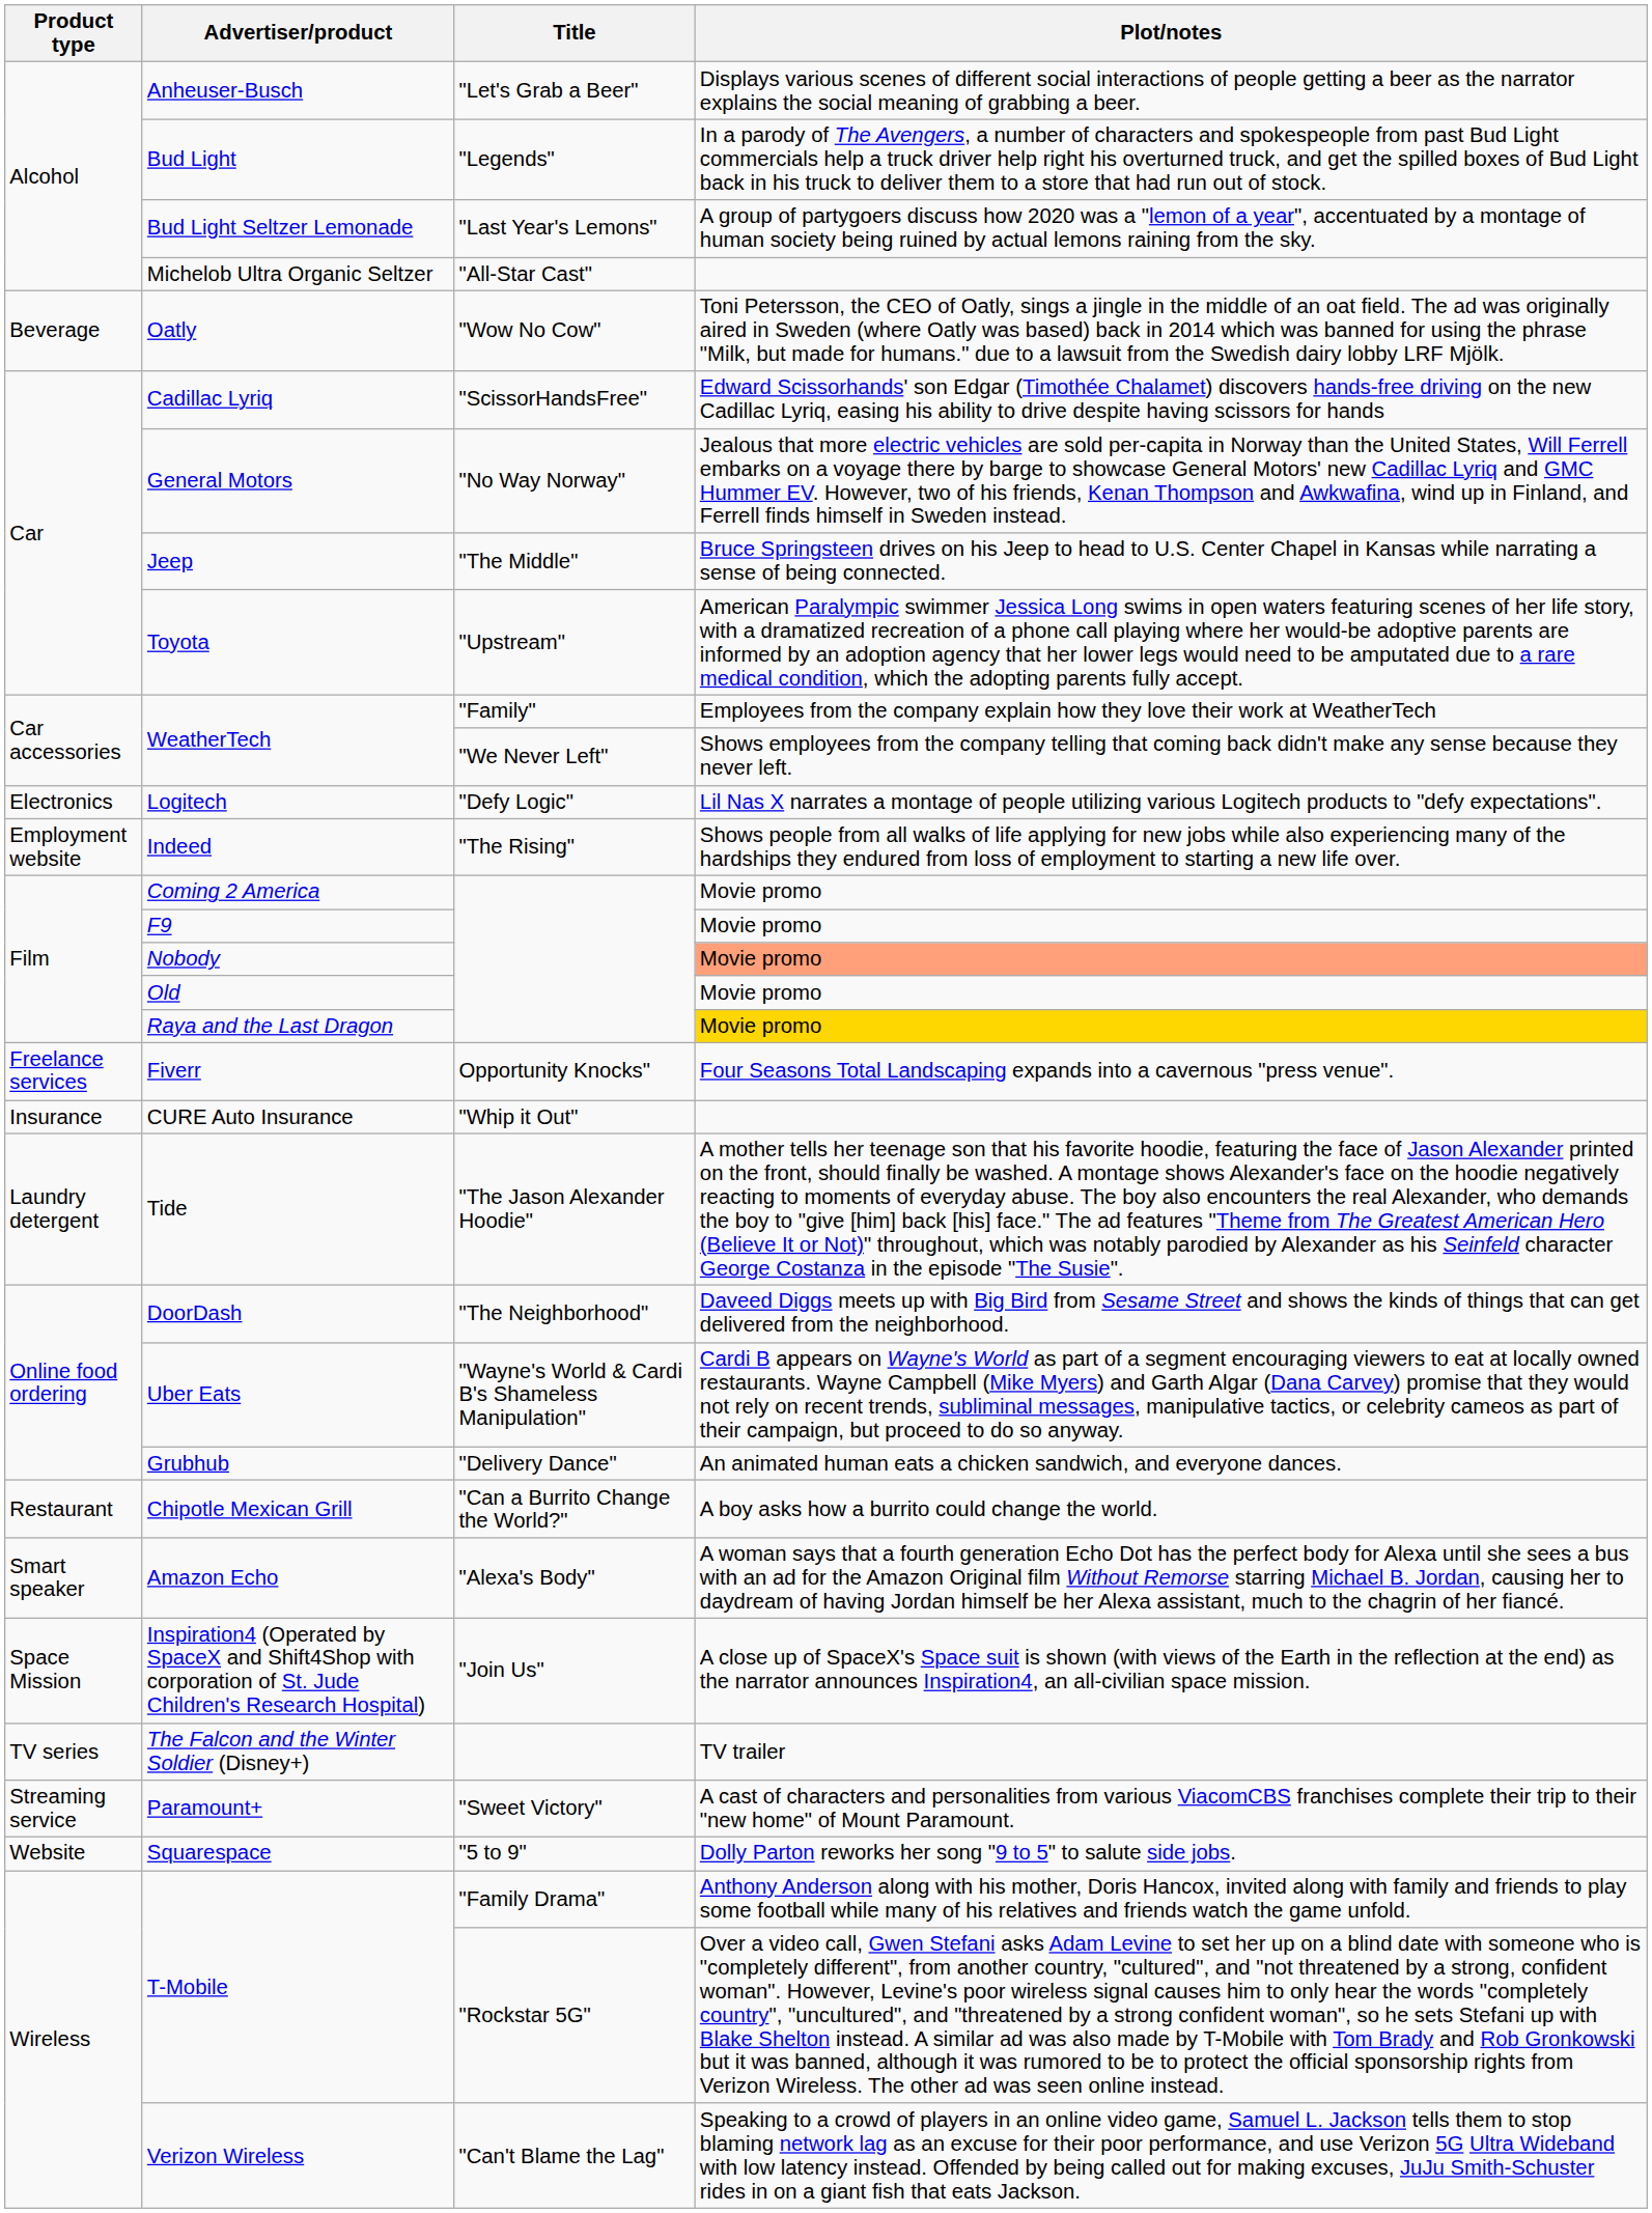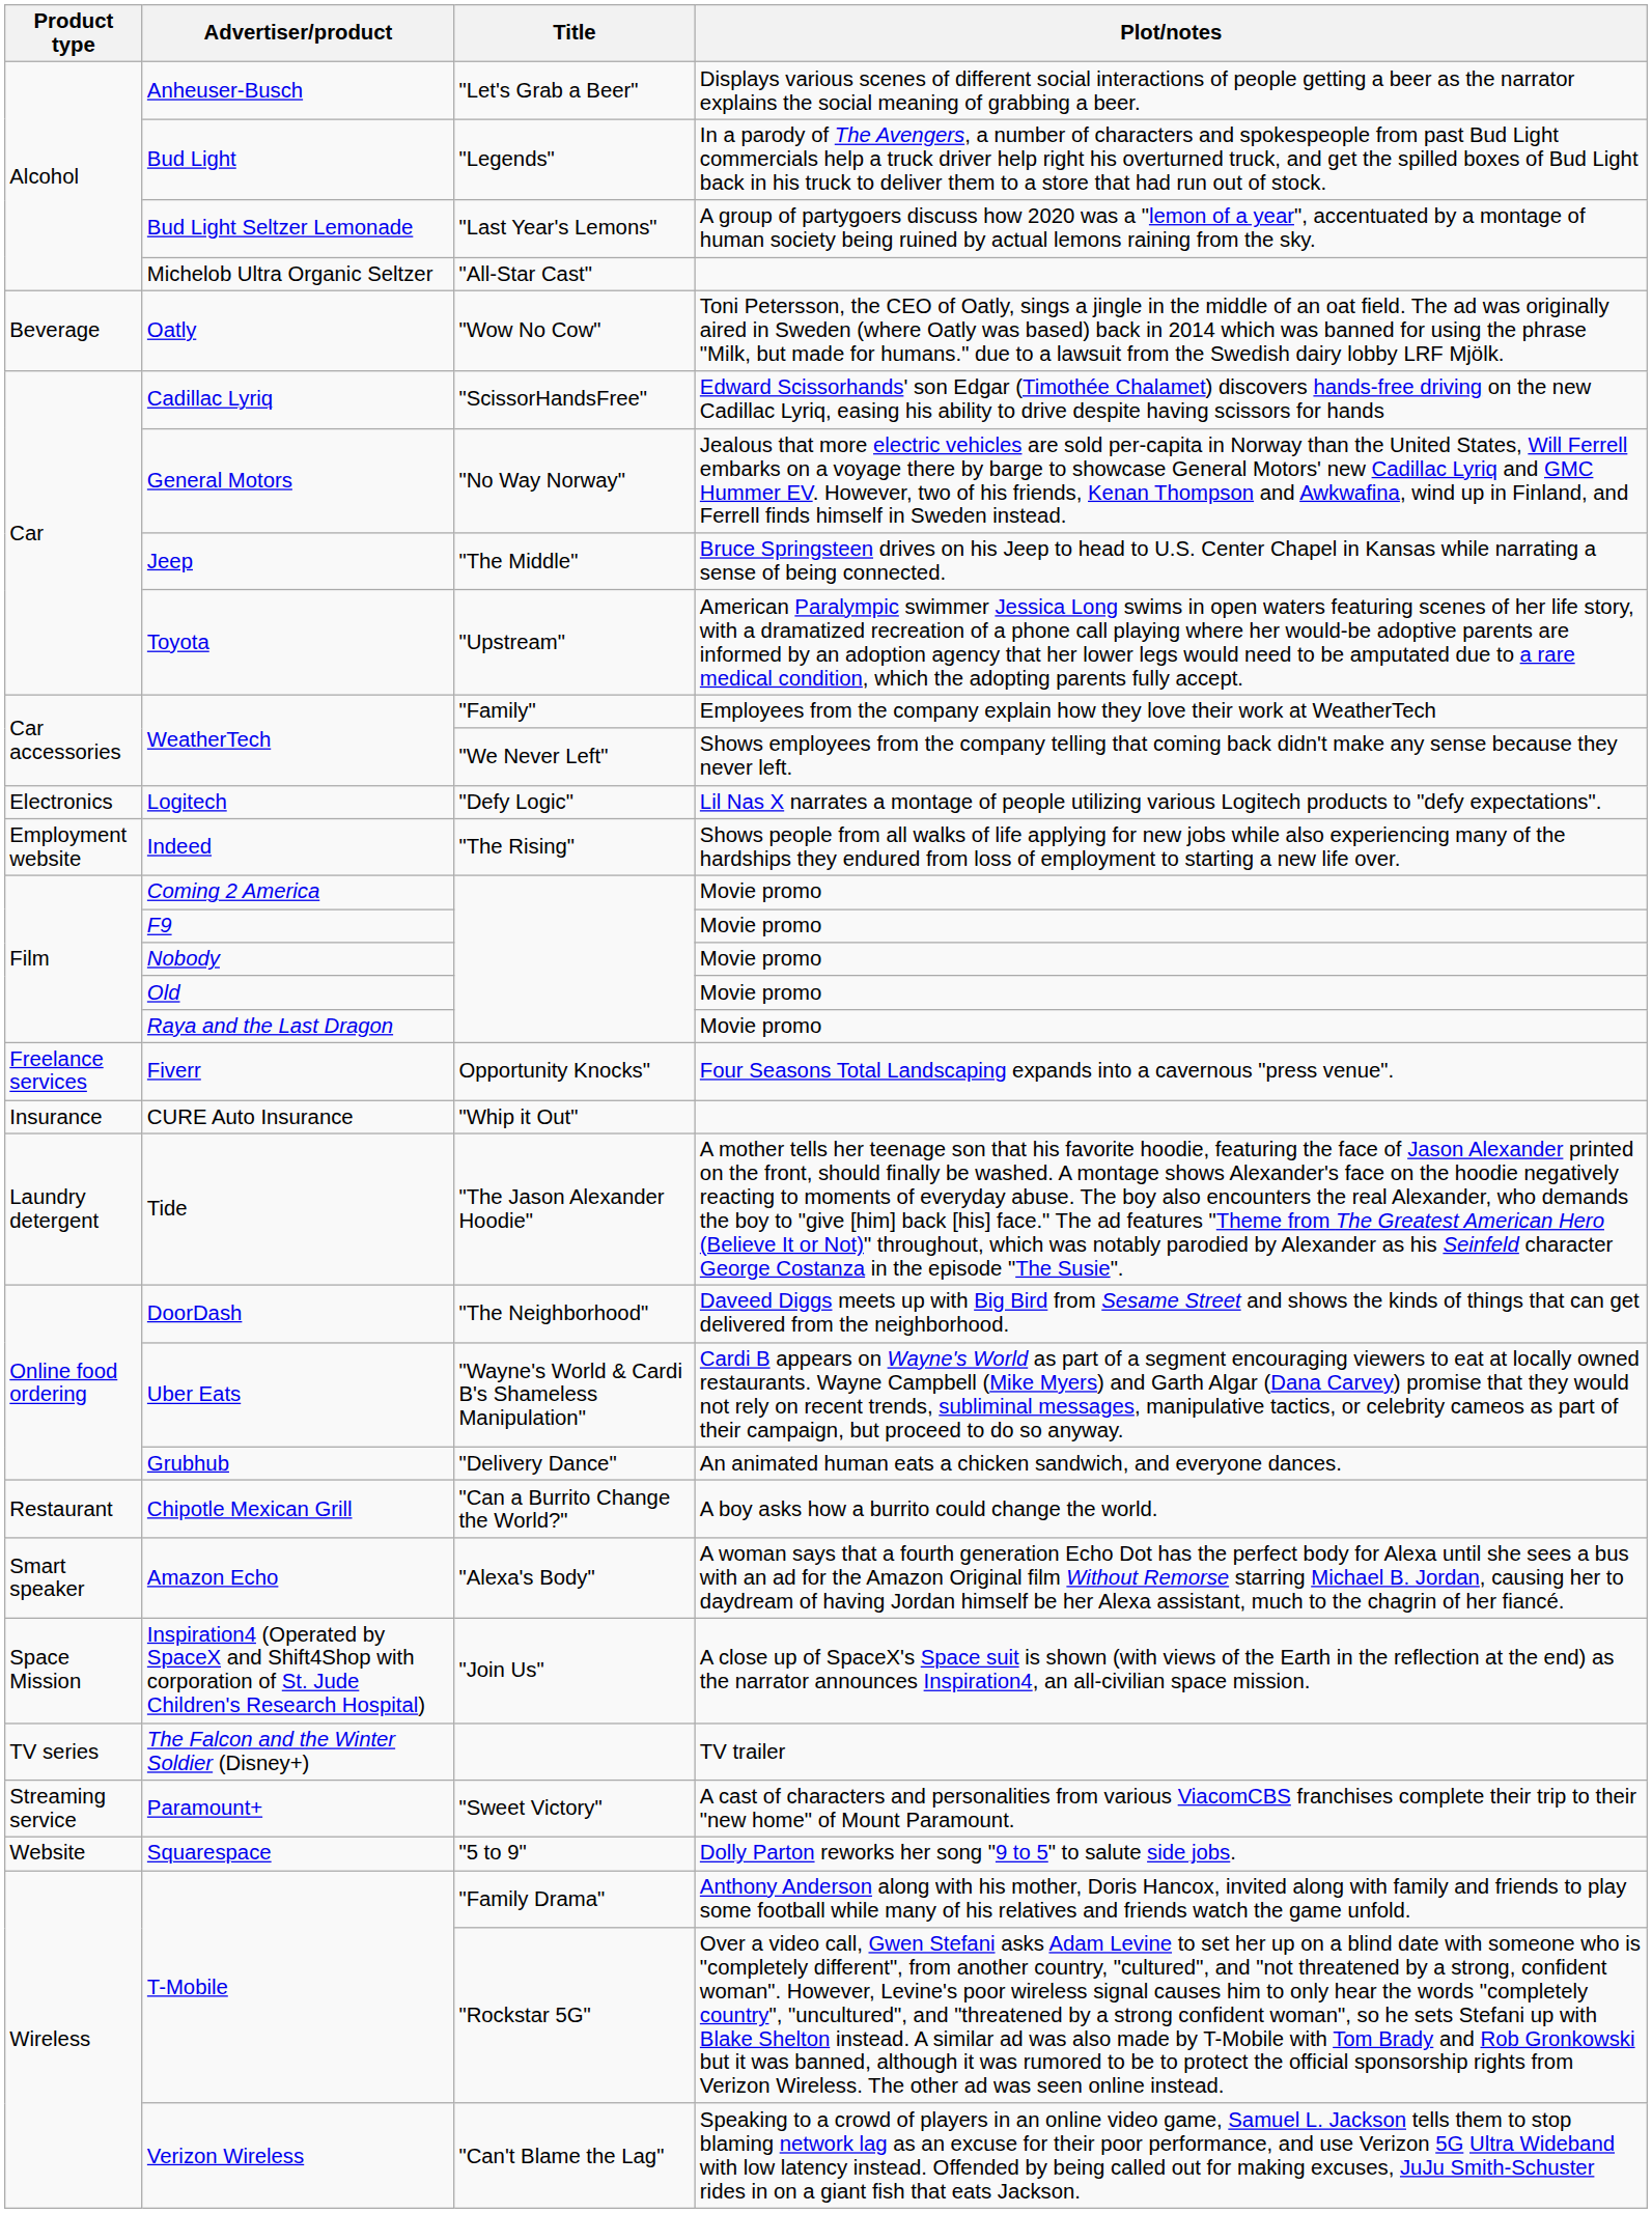 <table class="wikitable">
 <tr>
 <th>Product type</th>
 <th>Advertiser/product</th>
 <th>Title</th>
 <th>Plot/notes</th>
 </tr>
 <tr>
 <td rowspan="4">Alcohol</td>
 <td><a href='#'>Anheuser-Busch</a></td>
 <td>"Let's Grab a Beer"</td>
 <td>Displays various scenes of different social interactions of people getting a beer as the narrator explains the social meaning of grabbing a beer.</td>
 </tr>
 <tr>
 <td><a href='#'>Bud Light</a></td>
 <td>"Legends"</td>
 <td>In a parody of <em><a href='#'>The Avengers</a></em>, a number of characters and spokespeople from past Bud Light commercials help a truck driver help right his overturned truck, and get the spilled boxes of Bud Light back in his truck to deliver them to a store that had run out of stock.</td>
 </tr>
 <tr>
 <td><a href='#'>Bud Light Seltzer Lemonade</a></td>
 <td>"Last Year's Lemons"</td>
 <td>A group of partygoers discuss how 2020 was a "<a href='#'>lemon of a year</a>", accentuated by a montage of human society being ruined by actual lemons raining from the sky.</td>
 </tr>
 <tr>
 <td>Michelob Ultra Organic Seltzer</td>
 <td>"All-Star Cast"</td>
 <td></td>
 </tr>
 <tr>
 <td>Beverage</td>
 <td><a href='#'>Oatly</a></td>
 <td>"Wow No Cow"</td>
 <td>Toni Petersson, the CEO of Oatly, sings a jingle in the middle of an oat field. The ad was originally aired in Sweden (where Oatly was based) back in 2014 which was banned for using the phrase "Milk, but made for humans." due to a lawsuit from the Swedish dairy lobby LRF Mjölk.</td>
 </tr>
 <tr>
 <td rowspan="4">Car</td>
 <td><a href='#'>Cadillac Lyriq</a></td>
 <td>"ScissorHandsFree"</td>
 <td><a href='#'>Edward Scissorhands</a>' son Edgar (<a href='#'>Timothée Chalamet</a>) discovers <a href='#'>hands-free driving</a> on the new Cadillac Lyriq, easing his ability to drive despite having scissors for hands</td>
 </tr>
 <tr>
 <td><a href='#'>General Motors</a></td>
 <td>"No Way Norway"</td>
 <td>Jealous that more <a href='#'>electric vehicles</a> are sold per-capita in Norway than the United States, <a href='#'>Will Ferrell</a> embarks on a voyage there by barge to showcase General Motors' new <a href='#'>Cadillac Lyriq</a> and <a href='#'>GMC Hummer EV</a>. However, two of his friends, <a href='#'>Kenan Thompson</a> and <a href='#'>Awkwafina</a>, wind up in Finland, and Ferrell finds himself in Sweden instead.</td>
 </tr>
 <tr>
 <td><a href='#'>Jeep</a></td>
 <td>"The Middle"</td>
 <td><a href='#'>Bruce Springsteen</a> drives on his Jeep to head to U.S. Center Chapel in Kansas while narrating a sense of being connected.</td>
 </tr>
 <tr>
 <td><a href='#'>Toyota</a></td>
 <td>"Upstream"</td>
 <td>American <a href='#'>Paralympic</a> swimmer <a href='#'>Jessica Long</a> swims in open waters featuring scenes of her life story, with a dramatized recreation of a phone call playing where her would-be adoptive parents are informed by an adoption agency that her lower legs would need to be amputated due to <a href='#'>a rare medical condition</a>, which the adopting parents fully accept.</td>
 </tr>
 <tr>
 <td rowspan="2">Car accessories</td>
 <td rowspan="2"><a href='#'>WeatherTech</a></td>
 <td>"Family"</td>
 <td>Employees from the company explain how they love their work at WeatherTech</td>
 </tr>
 <tr>
 <td>"We Never Left"</td>
 <td>Shows employees from the company telling that coming back didn't make any sense because they never left.</td>
 </tr>
 <tr>
 <td>Electronics</td>
 <td><a href='#'>Logitech</a></td>
 <td>"Defy Logic"</td>
 <td><a href='#'>Lil Nas X</a> narrates a montage of people utilizing various Logitech products to "defy expectations".</td>
 </tr>
 <tr>
 <td>Employment website</td>
 <td><a href='#'>Indeed</a></td>
 <td>"The Rising"</td>
 <td>Shows people from all walks of life applying for new jobs while also experiencing many of the hardships they endured from loss of employment to starting a new life over.</td>
 </tr>
 <tr>
 <td rowspan="5">Film</td>
 <td><em><a href='#'>Coming 2 America</a></em></td>
 <td rowspan="5"></td>
 <td>Movie promo</td>
 </tr>
 <tr>
 <td><em><a href='#'>F9</a></em></td>
 <td>Movie promo</td>
 </tr>
 <tr>
 <td><em><a href='#'>Nobody</a></em></td>
-<td style="background: lightsalmon;">Movie promo</td>
+<td>Movie promo</td>
 </tr>
 <tr>
 <td><em><a href='#'>Old</a></em></td>
 <td>Movie promo</td>
 </tr>
 <tr>
 <td><em><a href='#'>Raya and the Last Dragon</a></em></td>
-<td style="background: gold;">Movie promo</td>
+<td>Movie promo</td>
 </tr>
 <tr>
 <td><a href='#'>Freelance services</a></td>
 <td><a href='#'>Fiverr</a></td>
 <td>Opportunity Knocks"</td>
 <td><a href='#'>Four Seasons Total Landscaping</a> expands into a cavernous "press venue".</td>
 </tr>
 <tr>
 <td>Insurance</td>
 <td>CURE Auto Insurance</td>
 <td>"Whip it Out"</td>
 <td></td>
 </tr>
 <tr>
 <td>Laundry detergent</td>
 <td>Tide</td>
 <td>"The Jason Alexander Hoodie"</td>
 <td>A mother tells her teenage son that his favorite hoodie, featuring the face of <a href='#'>Jason Alexander</a> printed on the front, should finally be washed. A montage shows Alexander's face on the hoodie negatively reacting to moments of everyday abuse. The boy also encounters the real Alexander, who demands the boy to "give [him] back [his] face." The ad features "<a href='#'>Theme from <em>The Greatest American Hero</em> (Believe It or Not)</a>" throughout, which was notably parodied by Alexander as his <em><a href='#'>Seinfeld</a></em> character <a href='#'>George Costanza</a> in the episode "<a href='#'>The Susie</a>".</td>
 </tr>
 <tr>
 <td rowspan="3"><a href='#'>Online food ordering</a></td>
 <td><a href='#'>DoorDash</a></td>
 <td>"The Neighborhood"</td>
 <td><a href='#'>Daveed Diggs</a> meets up with <a href='#'>Big Bird</a> from <em><a href='#'>Sesame Street</a></em> and shows the kinds of things that can get delivered from the neighborhood.</td>
 </tr>
 <tr>
 <td><a href='#'>Uber Eats</a></td>
 <td>"Wayne's World & Cardi B's Shameless Manipulation"</td>
 <td><a href='#'>Cardi B</a> appears on <em><a href='#'>Wayne's World</a></em> as part of a segment encouraging viewers to eat at locally owned restaurants. Wayne Campbell (<a href='#'>Mike Myers</a>) and Garth Algar (<a href='#'>Dana Carvey</a>) promise that they would not rely on recent trends, <a href='#'>subliminal messages</a>, manipulative tactics, or celebrity cameos as part of their campaign, but proceed to do so anyway.</td>
 </tr>
 <tr>
 <td><a href='#'>Grubhub</a></td>
 <td>"Delivery Dance"</td>
 <td>An animated human eats a chicken sandwich, and everyone dances.</td>
 </tr>
 <tr>
 <td>Restaurant</td>
 <td><a href='#'>Chipotle Mexican Grill</a></td>
 <td>"Can a Burrito Change the World?"</td>
 <td>A boy asks how a burrito could change the world.</td>
 </tr>
 <tr>
 <td>Smart speaker</td>
 <td><a href='#'>Amazon Echo</a></td>
 <td>"Alexa's Body"</td>
 <td>A woman says that a fourth generation Echo Dot has the perfect body for Alexa until she sees a bus with an ad for the Amazon Original film <em><a href='#'>Without Remorse</a></em> starring <a href='#'>Michael B. Jordan</a>, causing her to daydream of having Jordan himself be her Alexa assistant, much to the chagrin of her fiancé.</td>
 </tr>
 <tr>
 <td>Space Mission</td>
 <td><a href='#'>Inspiration4</a> (Operated by <a href='#'>SpaceX</a> and Shift4Shop with corporation of <a href='#'>St. Jude Children's Research Hospital</a>)</td>
 <td>"Join Us"</td>
 <td>A close up of SpaceX's <a href='#'>Space suit</a> is shown (with views of the Earth in the reflection at the end) as the narrator announces <a href='#'>Inspiration4</a>, an all-civilian space mission.</td>
 </tr>
 <tr>
 <td>TV series</td>
 <td><em><a href='#'>The Falcon and the Winter Soldier</a></em> (Disney+)</td>
 <td></td>
 <td>TV trailer</td>
 </tr>
 <tr>
 <td>Streaming service</td>
 <td><a href='#'>Paramount+</a></td>
 <td>"Sweet Victory"</td>
 <td>A cast of characters and personalities from various <a href='#'>ViacomCBS</a> franchises complete their trip to their "new home" of Mount Paramount.</td>
 </tr>
 <tr>
 <td>Website</td>
 <td><a href='#'>Squarespace</a></td>
 <td>"5 to 9"</td>
 <td><a href='#'>Dolly Parton</a> reworks her song "<a href='#'>9 to 5</a>" to salute <a href='#'>side jobs</a>.</td>
 </tr>
 <tr>
 <td rowspan="3">Wireless</td>
 <td rowspan="2"><a href='#'>T-Mobile</a></td>
 <td>"Family Drama"</td>
 <td><a href='#'>Anthony Anderson</a> along with his mother, Doris Hancox, invited along with family and friends to play some football while many of his relatives and friends watch the game unfold.</td>
 </tr>
 <tr>
 <td>"Rockstar 5G"</td>
 <td>Over a video call, <a href='#'>Gwen Stefani</a> asks <a href='#'>Adam Levine</a> to set her up on a blind date with someone who is "completely different", from another country, "cultured", and "not threatened by a strong, confident woman". However, Levine's poor wireless signal causes him to only hear the words "completely <a href='#'>country</a>", "uncultured", and "threatened by a strong confident woman", so he sets Stefani up with <a href='#'>Blake Shelton</a> instead. A similar ad was also made by T-Mobile with <a href='#'>Tom Brady</a> and <a href='#'>Rob Gronkowski</a> but it was banned, although it was rumored to be to protect the official sponsorship rights from Verizon Wireless. The other ad was seen online instead.</td>
 </tr>
 <tr>
 <td><a href='#'>Verizon Wireless</a></td>
 <td>"Can't Blame the Lag"</td>
 <td>Speaking to a crowd of players in an online video game, <a href='#'>Samuel L. Jackson</a> tells them to stop blaming <a href='#'>network lag</a> as an excuse for their poor performance, and use Verizon <a href='#'>5G</a> <a href='#'>Ultra Wideband</a> with low latency instead. Offended by being called out for making excuses, <a href='#'>JuJu Smith-Schuster</a> rides in on a giant fish that eats Jackson.</td>
 </tr>
 </table>
